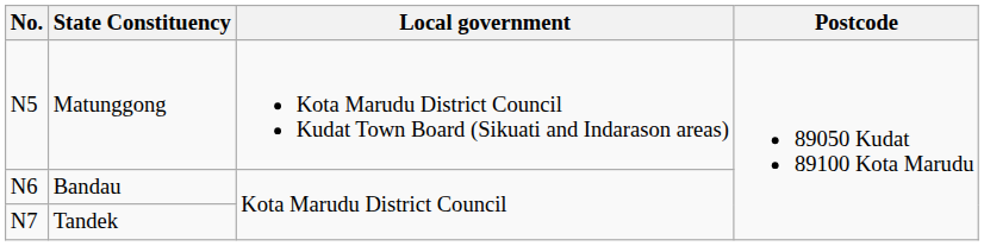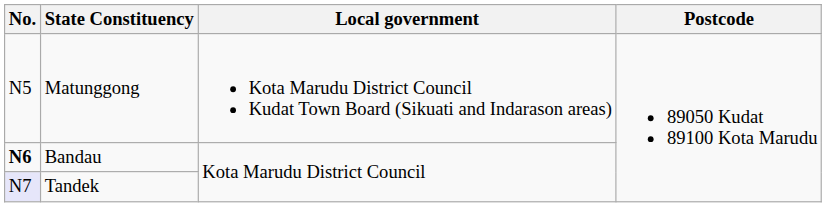 <table class="wikitable">
 <tr>
 <th>No.</th>
 <th>State Constituency</th>
 <th>Local government</th>
 <th>Postcode</th>
 </tr>
 <tr>
 <td>N5</td>
 <td>Matunggong</td>
 <td><br><ul><li>Kota Marudu District Council</li><li>Kudat Town Board (Sikuati and Indarason areas)</li></ul></td>
 <td rowspan="3"><br><ul><li>89050 Kudat</li><li>89100 Kota Marudu</li></ul></td>
 </tr>
 <tr>
-<td>N6</td>
+<td><strong>N6</strong></td>
 <td>Bandau</td>
 <td rowspan="2">Kota Marudu District Council</td>
 </tr>
 <tr>
-<td>N7</td>
+<td style="background: lavender;">N7</td>
 <td>Tandek</td>
 </tr>
 </table>
